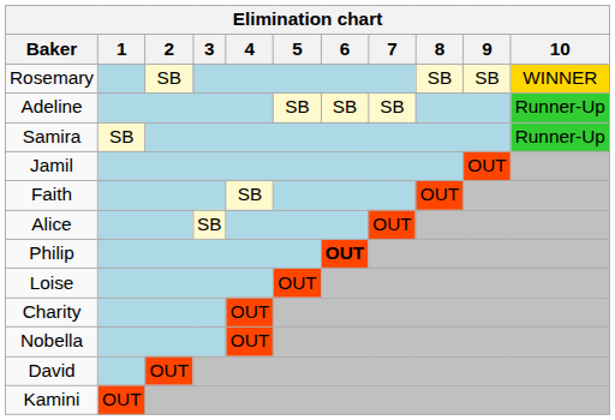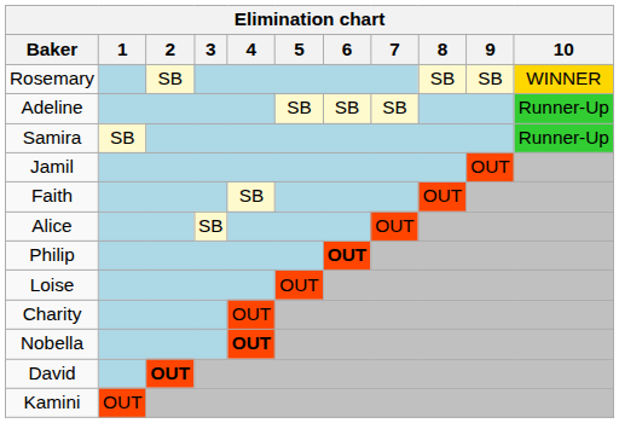 <table class="wikitable" style="text-align:center">
 <tr>
 <th colspan="16">Elimination chart</th>
 </tr>
 <tr>
 <th>Baker</th>
 <th>1</th>
 <th>2</th>
 <th>3</th>
 <th>4</th>
 <th>5</th>
 <th>6</th>
 <th>7</th>
 <th>8</th>
 <th>9</th>
 <th>10</th>
 </tr>
 <tr>
 <td>Rosemary</td>
 <td colspan="1" style="background:Lightblue;"></td>
 <td style="background:LemonChiffon;">SB</td>
 <td colspan="5" style="background:Lightblue;"></td>
 <td style="background:LemonChiffon;">SB</td>
 <td style="background:LemonChiffon;">SB</td>
 <td style="background:gold;">WINNER</td>
 </tr>
 <tr>
 <td>Adeline</td>
 <td colspan="4" style="background:Lightblue;"></td>
 <td style="background:LemonChiffon;">SB</td>
 <td style="background:LemonChiffon;">SB</td>
 <td style="background:LemonChiffon;">SB</td>
 <td colspan="2" style="background:Lightblue;"></td>
 <td style="background:limegreen;">Runner-Up</td>
 </tr>
 <tr>
 <td>Samira</td>
 <td style="background:LemonChiffon;">SB</td>
 <td colspan="8" style="background:Lightblue;"></td>
 <td style="background:limegreen;">Runner-Up</td>
 </tr>
 <tr>
 <td>Jamil</td>
 <td colspan="8" style="background:Lightblue;"></td>
 <td style="background:OrangeRed;">OUT</td>
 <td colspan="1" style="background:Silver;"></td>
 </tr>
 <tr>
 <td>Faith</td>
 <td colspan="3" style="background:Lightblue;"></td>
 <td style="background:LemonChiffon;">SB</td>
 <td colspan="3" style="background:Lightblue;"></td>
 <td style="background:OrangeRed;">OUT</td>
 <td colspan="2" style="background:Silver;"></td>
 </tr>
 <tr>
 <td>Alice</td>
 <td colspan="2" style="background:Lightblue;"></td>
 <td style="background:LemonChiffon;">SB</td>
 <td colspan="3" style="background:Lightblue;"></td>
 <td style="background:OrangeRed;">OUT</td>
 <td colspan="3" style="background:Silver;"></td>
 </tr>
 <tr>
 <td>Philip</td>
 <td colspan="5" style="background:Lightblue;"></td>
 <td style="background:OrangeRed;"><strong>OUT</strong></td>
 <td colspan="4" style="background:Silver;"></td>
 </tr>
 <tr>
 <td>Loise</td>
 <td colspan="4" style="background:Lightblue;"></td>
 <td style="background:OrangeRed;">OUT</td>
 <td colspan="5" style="background:Silver;"></td>
 </tr>
 <tr>
 <td>Charity</td>
 <td colspan="3" style="background:Lightblue;"></td>
 <td style="background:OrangeRed;">OUT</td>
 <td colspan="6" style="background:Silver;"></td>
 </tr>
 <tr>
 <td>Nobella</td>
 <td colspan="3" style="background:Lightblue;"></td>
-<td style="background:OrangeRed;">OUT</td>
+<td style="background:OrangeRed;"><strong>OUT</strong></td>
 <td colspan="6" style="background:Silver;"></td>
 </tr>
 <tr>
 <td>David</td>
 <td colspan="1" style="background:Lightblue;"></td>
-<td style="background:OrangeRed;">OUT</td>
+<td style="background:OrangeRed;"><strong>OUT</strong></td>
 <td colspan="8" style="background:Silver;"></td>
 </tr>
 <tr>
 <td>Kamini</td>
 <td style="background:OrangeRed;">OUT</td>
 <td colspan="9" style="background:Silver;"></td>
 </tr>
 </table>
